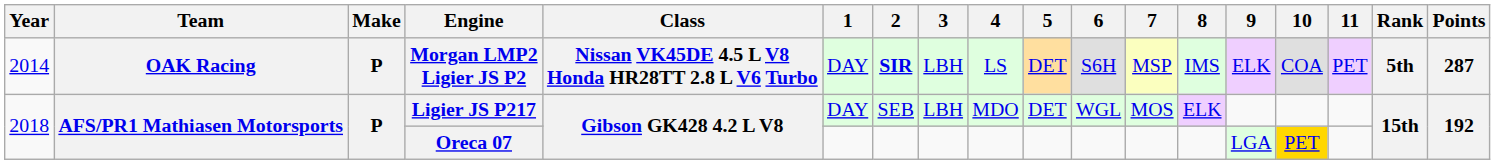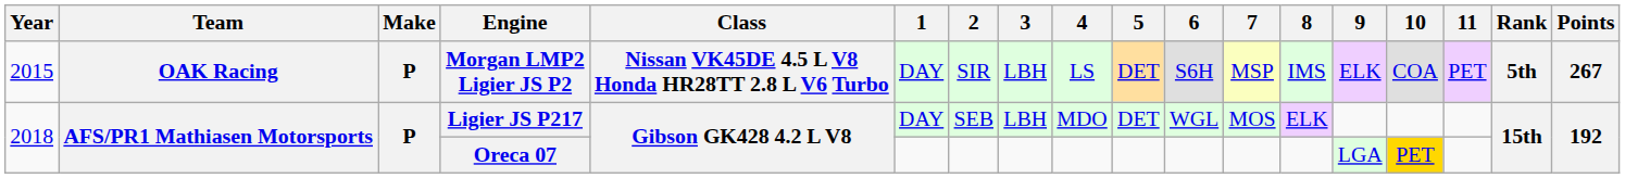 <table class="wikitable" style="text-align:center; font-size:90%">
 <tr>
 <th>Year</th>
 <th>Team</th>
 <th>Make</th>
 <th>Engine</th>
 <th>Class</th>
 <th>1</th>
 <th>2</th>
 <th>3</th>
 <th>4</th>
 <th>5</th>
 <th>6</th>
 <th>7</th>
 <th>8</th>
 <th>9</th>
 <th>10</th>
 <th>11</th>
 <th>Rank</th>
 <th>Points</th>
 </tr>
 <tr>
-<td><a href='#'>2014</a></td>
+<td><a href='#'>2015</a></td>
 <th><a href='#'>OAK Racing</a></th>
 <th>P</th>
 <th><a href='#'>Morgan LMP2</a> <small></small><br><a href='#'>Ligier JS P2</a> <small></small></th>
 <th><a href='#'>Nissan</a> <a href='#'>VK45DE</a> 4.5 L <a href='#'>V8</a> <small></small><br><a href='#'>Honda</a> HR28TT 2.8 L <a href='#'>V6</a> <a href='#'>Turbo</a> <small></small></th>
 <td style="background:#DFFFDF;"><a href='#'>DAY</a><br></td>
-<td style="background:#DFFFDF;"><strong><a href='#'>SIR</a><br></strong></td>
+<td style="background:#DFFFDF;"><a href='#'>SIR</a><br></td>
 <td style="background:#DFFFDF;"><a href='#'>LBH</a><br></td>
 <td style="background:#DFFFDF;"><a href='#'>LS</a><br></td>
 <td style="background:#FFDF9F;"><a href='#'>DET</a><br></td>
 <td style="background:#DFDFDF;"><a href='#'>S6H</a><br></td>
 <td style="background:#FBFFBF;"><a href='#'>MSP</a><br></td>
 <td style="background:#DFFFDF;"><a href='#'>IMS</a><br></td>
 <td style="background:#efcfff;"><a href='#'>ELK</a><br></td>
 <td style="background:#DFDFDF;"><a href='#'>COA</a><br></td>
 <td style="background:#efcfff;"><a href='#'>PET</a><br></td>
 <th><strong>5th</strong></th>
-<th><strong>287</strong></th>
+<th><strong>267</strong></th>
 </tr>
 <tr>
 <td rowspan=2><a href='#'>2018</a></td>
 <th rowspan=2><a href='#'>AFS/PR1 Mathiasen Motorsports</a></th>
 <th rowspan=2>P</th>
 <th><a href='#'>Ligier JS P217</a></th>
 <th rowspan=2><a href='#'>Gibson</a> GK428 4.2 L V8</th>
 <td style="background:#DFFFDF;"><a href='#'>DAY</a><br></td>
 <td style="background:#DFFFDF;"><a href='#'>SEB</a><br></td>
 <td style="background:#DFFFDF;"><a href='#'>LBH</a><br></td>
 <td style="background:#DFFFDF;"><a href='#'>MDO</a><br></td>
 <td style="background:#DFFFDF;"><a href='#'>DET</a><br></td>
 <td style="background:#DFFFDF;"><a href='#'>WGL</a><br></td>
 <td style="background:#DFFFDF;"><a href='#'>MOS</a><br></td>
 <td style="background:#EFCFFF;"><a href='#'>ELK</a><br></td>
 <td></td>
 <td></td>
 <td></td>
 <th rowspan=2>15th</th>
 <th rowspan=2>192</th>
 </tr>
 <tr>
 <th><a href='#'>Oreca 07</a></th>
 <td></td>
 <td></td>
 <td></td>
 <td></td>
 <td></td>
 <td></td>
 <td></td>
 <td></td>
 <td style="background:#DFFFDF;"><a href='#'>LGA</a><br></td>
 <td style="background: gold;"><a href='#'>PET</a><br></td>
 <td></td>
 </tr>
 </table>
